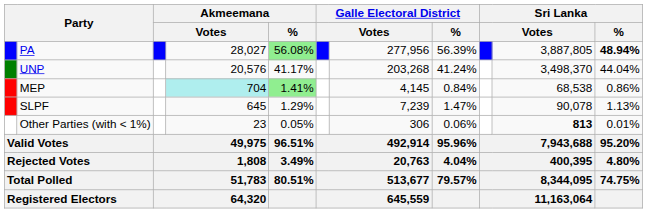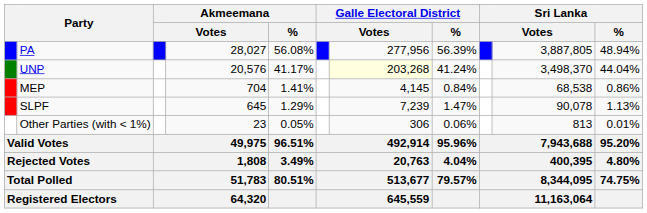 <table class="wikitable">
 <tr>
 <th colspan="2" width="144px"rowspan="2">Party</th>
 <th colspan="3" width="216px">Akmeemana</th>
 <th colspan="3" width="216px"><a href='#'>Galle Electoral District</a></th>
 <th colspan="3" width="216px">Sri Lanka</th>
 </tr>
 <tr>
 <th colspan="2" width="144px">Votes</th>
 <th>%</th>
 <th colspan="2" width="144px">Votes</th>
 <th>%</th>
 <th colspan="2" width="144px">Votes</th>
 <th>%</th>
 </tr>
 <tr>
 <td style="background-color:blue;" width="10px"></td>
 <td style="text-align:left;"><a href='#'>PA</a></td>
 <td style="background-color:blue;" width="10px"></td>
 <td style="text-align:right;">28,027</td>
-<td style="background: lightgreen; text-align:right;">56.08%</td>
+<td style="text-align:right;">56.08%</td>
 <td style="background-color:blue;" width="10px"></td>
 <td style="text-align:right;">277,956</td>
 <td style="text-align:right;">56.39%</td>
 <td style="background-color:blue;" width="10px"></td>
 <td style="text-align:right;">3,887,805</td>
-<td style="text-align:right;"><strong>48.94%</strong></td>
+<td style="text-align:right;">48.94%</td>
 </tr>
 <tr>
 <td style="background-color:green;" width="10px"></td>
 <td style="text-align:left;"><a href='#'>UNP</a></td>
 <td style="background-color:white;" width="10px"></td>
 <td style="text-align:right;">20,576</td>
 <td style="text-align:right;">41.17%</td>
 <td style="background-color:white;" width="10px"></td>
-<td style="text-align:right;">203,268</td>
+<td style="background: lightyellow; text-align:right;">203,268</td>
 <td style="text-align:right;">41.24%</td>
 <td style="background-color:white;" width="10px"></td>
 <td style="text-align:right;">3,498,370</td>
 <td style="text-align:right;">44.04%</td>
 </tr>
 <tr>
 <td style="background-color:red;" width="10px"></td>
 <td style="text-align:left;">MEP</td>
 <td style="background-color:white;" width="10px"></td>
-<td style="background: paleturquoise; text-align:right;">704</td>
-<td style="background: lightgreen; text-align:right;">1.41%</td>
+<td style="text-align:right;">704</td>
+<td style="text-align:right;">1.41%</td>
 <td style="background-color:white;" width="10px"></td>
 <td style="text-align:right;">4,145</td>
 <td style="text-align:right;">0.84%</td>
 <td style="background-color:white;" width="10px"></td>
 <td style="text-align:right;">68,538</td>
 <td style="text-align:right;">0.86%</td>
 </tr>
 <tr>
 <td style="background-color:red;" width="10px"></td>
 <td style="text-align:left;">SLPF</td>
 <td style="background-color:white;" width="10px"></td>
 <td style="text-align:right;">645</td>
 <td style="text-align:right;">1.29%</td>
 <td style="background-color:white;" width="10px"></td>
 <td style="text-align:right;">7,239</td>
 <td style="text-align:right;">1.47%</td>
 <td style="background-color:white;" width="10px"></td>
 <td style="text-align:right;">90,078</td>
 <td style="text-align:right;">1.13%</td>
 </tr>
 <tr>
 <td style="background-color:white;" width="10px"></td>
 <td style="text-align:left;">Other Parties (with < 1%)</td>
 <td style="background-color:white;" width="10px"></td>
 <td style="text-align:right;">23</td>
 <td style="text-align:right;">0.05%</td>
 <td style="background-color:white;" width="10px"></td>
 <td style="text-align:right;">306</td>
 <td style="text-align:right;">0.06%</td>
 <td style="background-color:white;" width="10px"></td>
-<td style="text-align:right;"><strong>813</strong></td>
+<td style="text-align:right;">813</td>
 <td style="text-align:right;">0.01%</td>
 </tr>
 <tr>
 <th colspan="2" width="144px"style="text-align:left;">Valid Votes</th>
 <th style="text-align:right;"colspan="2" width="144px">49,975</th>
 <th style="text-align:right;">96.51%</th>
 <th style="text-align:right;"colspan="2" width="144px">492,914</th>
 <th style="text-align:right;">95.96%</th>
 <th style="text-align:right;"colspan="2" width="144px">7,943,688</th>
 <th style="text-align:right;">95.20%</th>
 </tr>
 <tr>
 <th colspan="2" width="144px"style="text-align:left;">Rejected Votes</th>
 <th style="text-align:right;"colspan="2" width="144px">1,808</th>
 <th style="text-align:right;">3.49%</th>
 <th style="text-align:right;"colspan="2" width="144px">20,763</th>
 <th style="text-align:right;">4.04%</th>
 <th style="text-align:right;"colspan="2" width="144px">400,395</th>
 <th style="text-align:right;">4.80%</th>
 </tr>
 <tr>
 <th colspan="2" width="144px"style="text-align:left;">Total Polled</th>
 <th style="text-align:right;"colspan="2" width="144px">51,783</th>
 <th style="text-align:right;">80.51%</th>
 <th style="text-align:right;"colspan="2" width="144px">513,677</th>
 <th style="text-align:right;">79.57%</th>
 <th style="text-align:right;"colspan="2" width="144px">8,344,095</th>
 <th style="text-align:right;">74.75%</th>
 </tr>
 <tr>
 <th colspan="2" width="144px"style="text-align:left;">Registered Electors</th>
 <th style="text-align:right;"colspan="2" width="144px">64,320</th>
 <th></th>
 <th style="text-align:right;"colspan="2" width="144px">645,559</th>
 <th></th>
 <th style="text-align:right;"colspan="2" width="144px">11,163,064</th>
 <th></th>
 </tr>
 </table>
